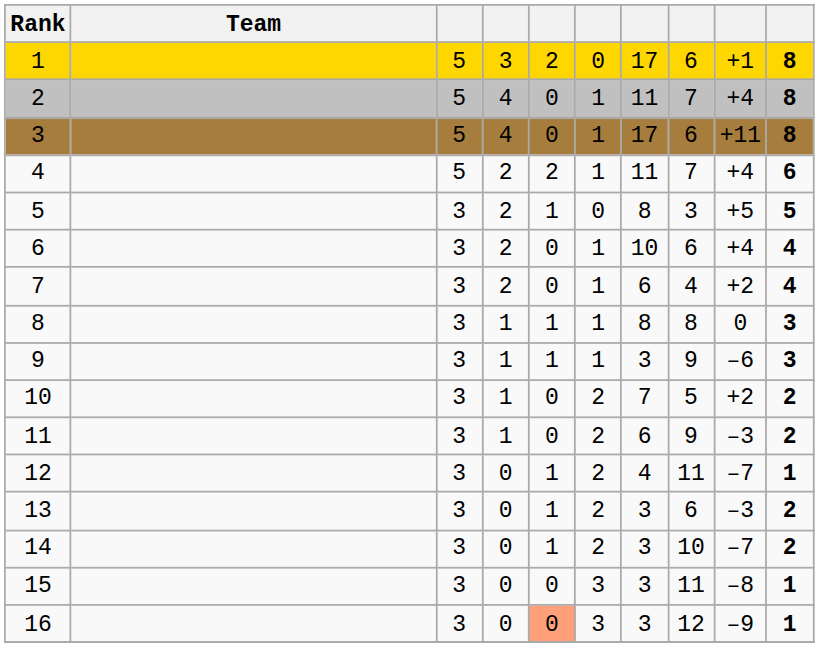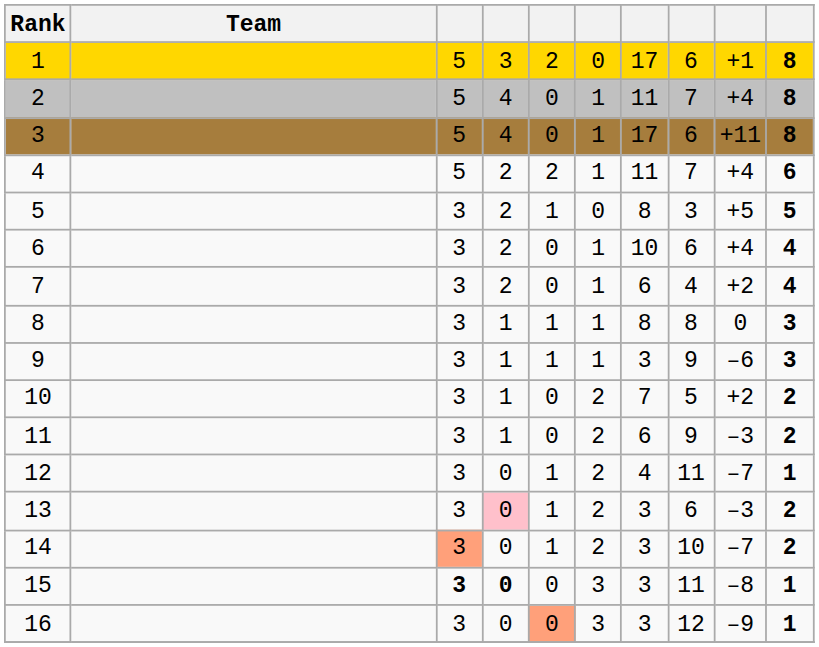 <table class="wikitable" style="text-align:center">
 <tr>
 <th width=20>Rank</th>
 <th width=200>Team</th>
 <th width="20"></th>
 <th width="20"></th>
 <th width="20"></th>
 <th width="20"></th>
 <th width="20"></th>
 <th width="20"></th>
 <th width="20"></th>
 <th width="20"></th>
 </tr>
 <tr style="background:gold;">
 <td>1</td>
 <td style="text-align:left;"></td>
 <td>5</td>
 <td>3</td>
 <td>2</td>
 <td>0</td>
 <td>17</td>
 <td>6</td>
 <td>+1</td>
 <td><strong>8</strong></td>
 </tr>
 <tr style="background:silver;">
 <td>2</td>
 <td style="text-align:left;"></td>
 <td>5</td>
 <td>4</td>
 <td>0</td>
 <td>1</td>
 <td>11</td>
 <td>7</td>
 <td>+4</td>
 <td><strong>8</strong></td>
 </tr>
 <tr style="background:#a67d3d;">
 <td>3</td>
 <td style="text-align:left;"></td>
 <td>5</td>
 <td>4</td>
 <td>0</td>
 <td>1</td>
 <td>17</td>
 <td>6</td>
 <td>+11</td>
 <td><strong>8</strong></td>
 </tr>
 <tr>
 <td>4</td>
 <td style="text-align:left;"></td>
 <td>5</td>
 <td>2</td>
 <td>2</td>
 <td>1</td>
 <td>11</td>
 <td>7</td>
 <td>+4</td>
 <td><strong>6</strong></td>
 </tr>
 <tr>
 <td>5</td>
 <td style="text-align:left;"></td>
 <td>3</td>
 <td>2</td>
 <td>1</td>
 <td>0</td>
 <td>8</td>
 <td>3</td>
 <td>+5</td>
 <td><strong>5</strong></td>
 </tr>
 <tr>
 <td>6</td>
 <td style="text-align:left;"></td>
 <td>3</td>
 <td>2</td>
 <td>0</td>
 <td>1</td>
 <td>10</td>
 <td>6</td>
 <td>+4</td>
 <td><strong>4</strong></td>
 </tr>
 <tr>
 <td>7</td>
 <td style="text-align:left;"></td>
 <td>3</td>
 <td>2</td>
 <td>0</td>
 <td>1</td>
 <td>6</td>
 <td>4</td>
 <td>+2</td>
 <td><strong>4</strong></td>
 </tr>
 <tr>
 <td>8</td>
 <td style="text-align:left;"></td>
 <td>3</td>
 <td>1</td>
 <td>1</td>
 <td>1</td>
 <td>8</td>
 <td>8</td>
 <td>0</td>
 <td><strong>3</strong></td>
 </tr>
 <tr>
 <td>9</td>
 <td style="text-align:left;"></td>
 <td>3</td>
 <td>1</td>
 <td>1</td>
 <td>1</td>
 <td>3</td>
 <td>9</td>
 <td>–6</td>
 <td><strong>3</strong></td>
 </tr>
 <tr>
 <td>10</td>
 <td style="text-align:left;"></td>
 <td>3</td>
 <td>1</td>
 <td>0</td>
 <td>2</td>
 <td>7</td>
 <td>5</td>
 <td>+2</td>
 <td><strong>2</strong></td>
 </tr>
 <tr>
 <td>11</td>
 <td style="text-align:left;"></td>
 <td>3</td>
 <td>1</td>
 <td>0</td>
 <td>2</td>
 <td>6</td>
 <td>9</td>
 <td>–3</td>
 <td><strong>2</strong></td>
 </tr>
 <tr>
 <td>12</td>
 <td style="text-align:left;"></td>
 <td>3</td>
 <td>0</td>
 <td>1</td>
 <td>2</td>
 <td>4</td>
 <td>11</td>
 <td>–7</td>
 <td><strong>1</strong></td>
 </tr>
 <tr>
 <td>13</td>
 <td style="text-align:left;"></td>
 <td>3</td>
-<td>0</td>
+<td style="background: pink;">0</td>
 <td>1</td>
 <td>2</td>
 <td>3</td>
 <td>6</td>
 <td>–3</td>
 <td><strong>2</strong></td>
 </tr>
 <tr>
 <td>14</td>
 <td style="text-align:left;"></td>
-<td>3</td>
+<td style="background: lightsalmon;">3</td>
 <td>0</td>
 <td>1</td>
 <td>2</td>
 <td>3</td>
 <td>10</td>
 <td>–7</td>
 <td><strong>2</strong></td>
 </tr>
 <tr>
 <td>15</td>
 <td style="text-align:left;"></td>
-<td>3</td>
-<td>0</td>
+<td><strong>3</strong></td>
+<td><strong>0</strong></td>
 <td>0</td>
 <td>3</td>
 <td>3</td>
 <td>11</td>
 <td>–8</td>
 <td><strong>1</strong></td>
 </tr>
 <tr>
 <td>16</td>
 <td style="text-align:left;"></td>
 <td>3</td>
 <td>0</td>
 <td style="background: lightsalmon;">0</td>
 <td>3</td>
 <td>3</td>
 <td>12</td>
 <td>–9</td>
 <td><strong>1</strong></td>
 </tr>
 <tr>
 </tr>
 </table>
